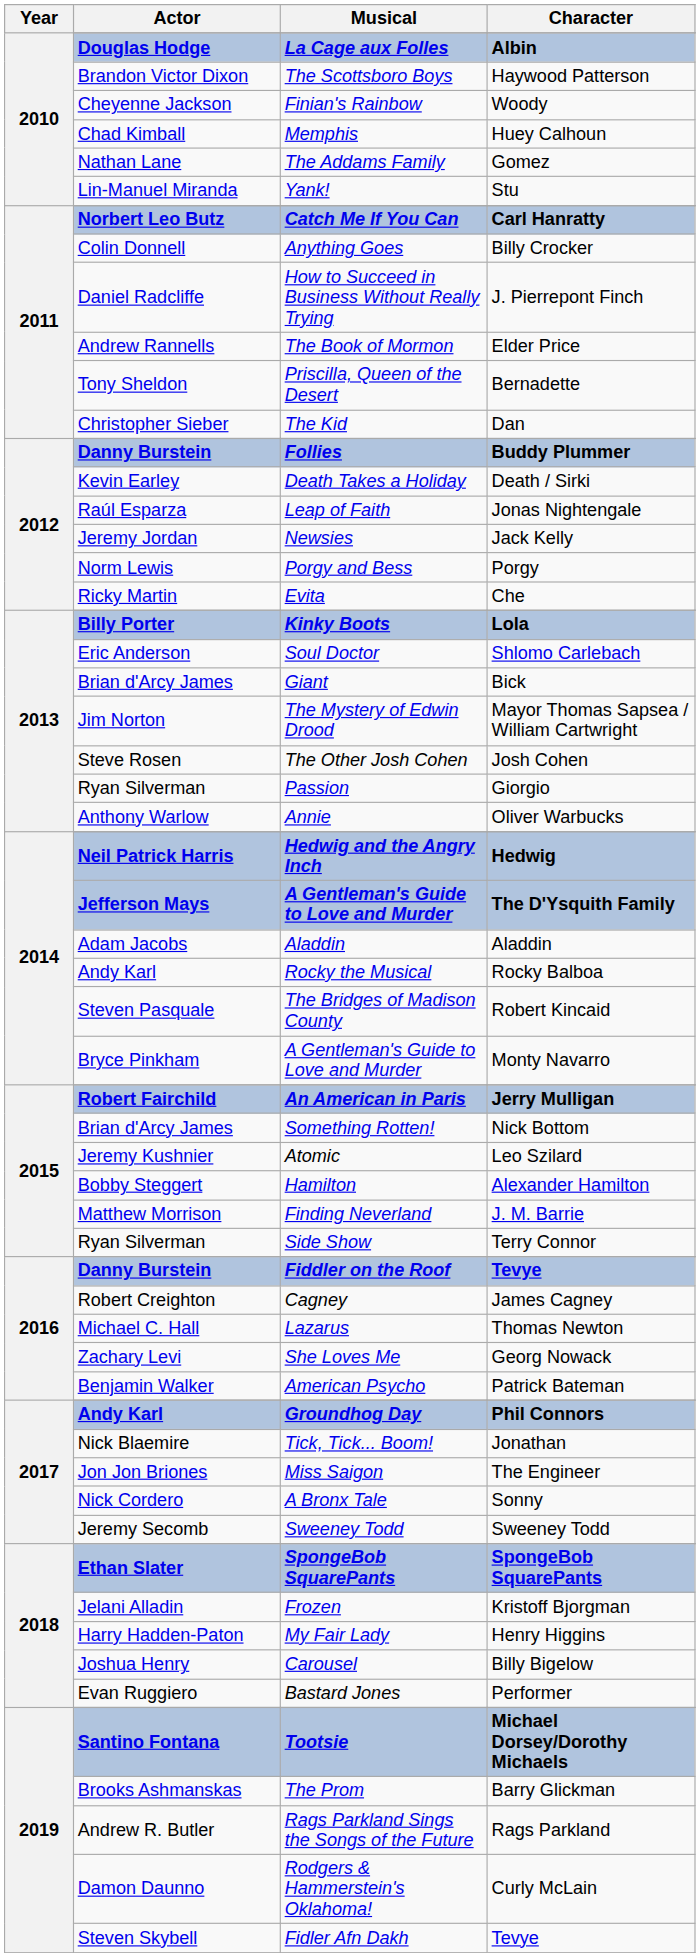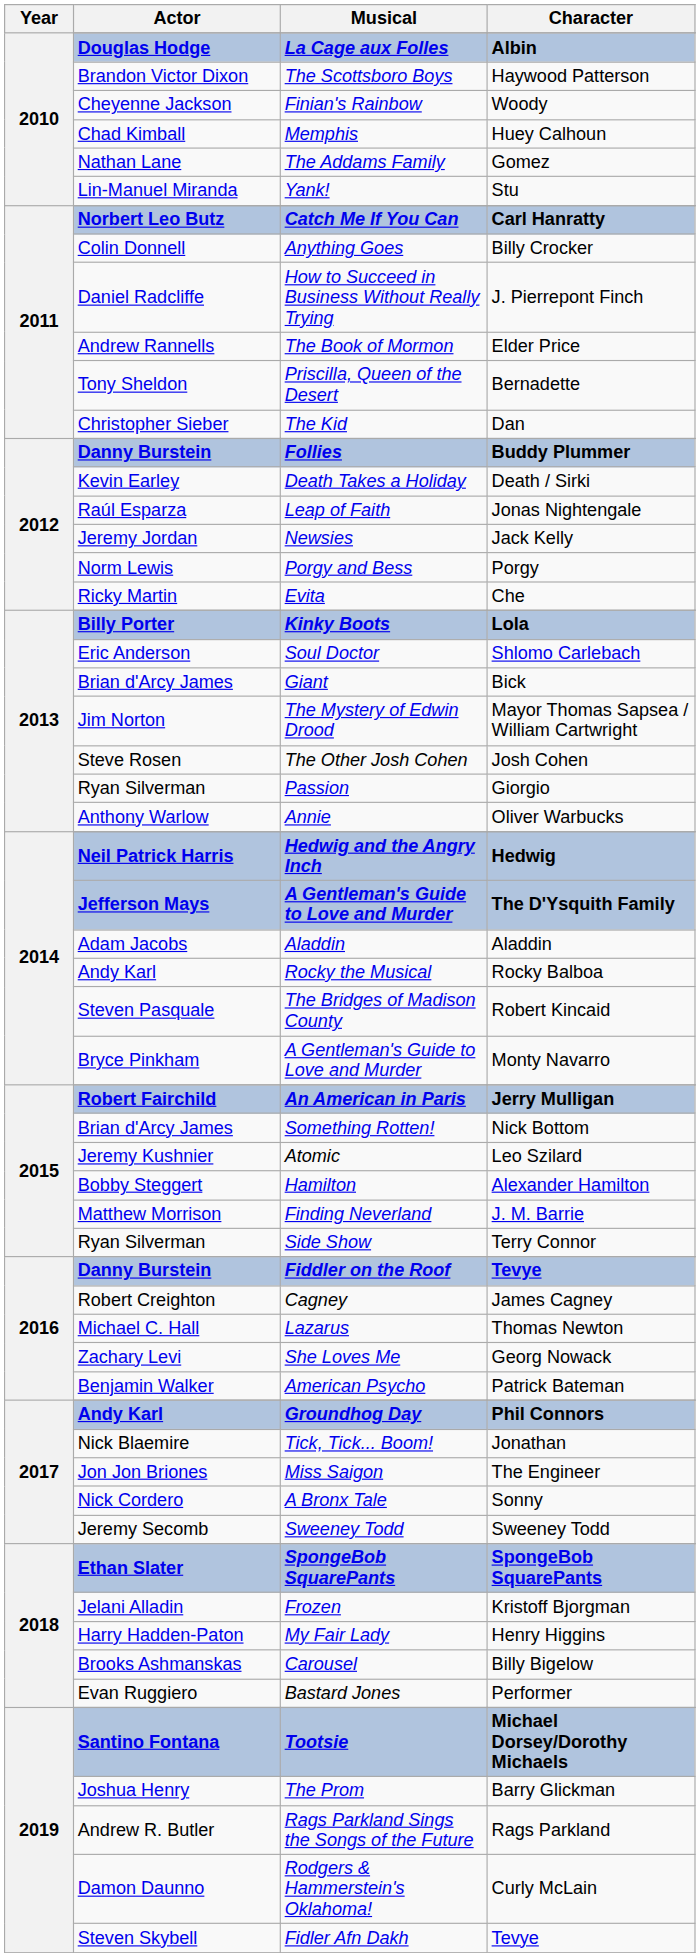 <table class="wikitable" style="width:98%;">
 <tr style="background:#bebebe;">
 <th style="width:10%;">Year</th>
 <th style="width:30%;">Actor</th>
 <th style="width:30%;">Musical</th>
 <th style="width:30%;">Character</th>
 </tr>
 <tr>
 <th rowspan="7">2010</th>
 </tr>
 <tr style="background:#B0C4DE">
 <td><strong><a href='#'>Douglas Hodge</a></strong></td>
 <td><strong><em><a href='#'>La Cage aux Folles</a></em></strong></td>
 <td><strong>Albin </strong></td>
 </tr>
 <tr>
 <td><a href='#'>Brandon Victor Dixon</a></td>
 <td><em><a href='#'>The Scottsboro Boys</a></em></td>
 <td>Haywood Patterson</td>
 </tr>
 <tr>
 <td><a href='#'>Cheyenne Jackson</a></td>
 <td><em><a href='#'>Finian's Rainbow</a></em></td>
 <td>Woody</td>
 </tr>
 <tr>
 <td><a href='#'>Chad Kimball</a></td>
 <td><em><a href='#'>Memphis</a></em></td>
 <td>Huey Calhoun</td>
 </tr>
 <tr>
 <td><a href='#'>Nathan Lane</a></td>
 <td><em><a href='#'>The Addams Family</a></em></td>
 <td>Gomez</td>
 </tr>
 <tr>
 <td><a href='#'>Lin-Manuel Miranda</a></td>
 <td><em><a href='#'>Yank!</a></em></td>
 <td>Stu</td>
 </tr>
 <tr>
 <th rowspan="7">2011</th>
 </tr>
 <tr style="background:#B0C4DE">
 <td><strong><a href='#'>Norbert Leo Butz</a></strong></td>
 <td><strong><em><a href='#'>Catch Me If You Can</a></em></strong></td>
 <td><strong>Carl Hanratty </strong></td>
 </tr>
 <tr>
 <td><a href='#'>Colin Donnell</a></td>
 <td><em><a href='#'>Anything Goes</a></em></td>
 <td>Billy Crocker</td>
 </tr>
 <tr>
 <td><a href='#'>Daniel Radcliffe</a></td>
 <td><em><a href='#'>How to Succeed in Business Without Really Trying</a></em></td>
 <td>J. Pierrepont Finch</td>
 </tr>
 <tr>
 <td><a href='#'>Andrew Rannells</a></td>
 <td><em><a href='#'>The Book of Mormon</a></em></td>
 <td>Elder Price</td>
 </tr>
 <tr>
 <td><a href='#'>Tony Sheldon</a></td>
 <td><em><a href='#'>Priscilla, Queen of the Desert</a></em></td>
 <td>Bernadette</td>
 </tr>
 <tr>
 <td><a href='#'>Christopher Sieber</a></td>
 <td><em><a href='#'>The Kid</a></em></td>
 <td>Dan</td>
 </tr>
 <tr>
 <th rowspan="7">2012</th>
 </tr>
 <tr style="background:#B0C4DE">
 <td><strong><a href='#'>Danny Burstein</a></strong></td>
 <td><strong><em><a href='#'>Follies</a></em></strong></td>
 <td><strong>Buddy Plummer </strong></td>
 </tr>
 <tr>
 <td><a href='#'>Kevin Earley</a></td>
 <td><em><a href='#'>Death Takes a Holiday</a></em></td>
 <td>Death / Sirki</td>
 </tr>
 <tr>
 <td><a href='#'>Raúl Esparza</a></td>
 <td><em><a href='#'>Leap of Faith</a></em></td>
 <td>Jonas Nightengale</td>
 </tr>
 <tr>
 <td><a href='#'>Jeremy Jordan</a></td>
 <td><em><a href='#'>Newsies</a></em></td>
 <td>Jack Kelly</td>
 </tr>
 <tr>
 <td><a href='#'>Norm Lewis</a></td>
 <td><em><a href='#'>Porgy and Bess</a></em></td>
 <td>Porgy</td>
 </tr>
 <tr>
 <td><a href='#'>Ricky Martin</a></td>
 <td><em><a href='#'>Evita</a></em></td>
 <td>Che</td>
 </tr>
 <tr>
 <th rowspan="8">2013</th>
 </tr>
 <tr style="background:#B0C4DE">
 <td><strong><a href='#'>Billy Porter</a></strong></td>
 <td><strong><em><a href='#'>Kinky Boots</a></em></strong></td>
 <td><strong>Lola </strong></td>
 </tr>
 <tr>
 <td><a href='#'>Eric Anderson</a></td>
 <td><em><a href='#'>Soul Doctor</a></em></td>
 <td><a href='#'>Shlomo Carlebach</a></td>
 </tr>
 <tr>
 <td><a href='#'>Brian d'Arcy James</a></td>
 <td><em><a href='#'>Giant</a></em></td>
 <td>Bick</td>
 </tr>
 <tr>
 <td><a href='#'>Jim Norton</a></td>
 <td><em><a href='#'>The Mystery of Edwin Drood</a></em></td>
 <td>Mayor Thomas Sapsea / William Cartwright</td>
 </tr>
 <tr>
 <td>Steve Rosen</td>
 <td><em>The Other Josh Cohen</em></td>
 <td>Josh Cohen</td>
 </tr>
 <tr>
 <td>Ryan Silverman</td>
 <td><em><a href='#'>Passion</a></em></td>
 <td>Giorgio</td>
 </tr>
 <tr>
 <td><a href='#'>Anthony Warlow</a></td>
 <td><em><a href='#'>Annie</a></em></td>
 <td>Oliver Warbucks</td>
 </tr>
 <tr>
 <th rowspan="7">2014</th>
 </tr>
 <tr style="background:#B0C4DE;">
 <td><strong><a href='#'>Neil Patrick Harris</a></strong></td>
 <td><strong><em><a href='#'>Hedwig and the Angry Inch</a></em></strong></td>
 <td><strong>Hedwig </strong></td>
 </tr>
 <tr style="background:#B0C4DE;">
 <td><strong><a href='#'>Jefferson Mays</a></strong></td>
 <td><strong><em><a href='#'>A Gentleman's Guide to Love and Murder</a></em></strong></td>
 <td><strong>The D'Ysquith Family </strong></td>
 </tr>
 <tr>
 <td><a href='#'>Adam Jacobs</a></td>
 <td><em><a href='#'>Aladdin</a></em></td>
 <td>Aladdin</td>
 </tr>
 <tr>
 <td><a href='#'>Andy Karl</a></td>
 <td><em><a href='#'>Rocky the Musical</a></em></td>
 <td>Rocky Balboa</td>
 </tr>
 <tr>
 <td><a href='#'>Steven Pasquale</a></td>
 <td><em><a href='#'>The Bridges of Madison County</a></em></td>
 <td>Robert Kincaid</td>
 </tr>
 <tr>
 <td><a href='#'>Bryce Pinkham</a></td>
 <td><em><a href='#'>A Gentleman's Guide to Love and Murder</a></em></td>
 <td>Monty Navarro</td>
 </tr>
 <tr>
 <th rowspan="7">2015</th>
 </tr>
 <tr style="background:#B0C4DE;">
 <td><strong><a href='#'>Robert Fairchild</a></strong></td>
 <td><strong><em><a href='#'>An American in Paris</a></em></strong></td>
 <td><strong>Jerry Mulligan </strong></td>
 </tr>
 <tr>
 <td><a href='#'>Brian d'Arcy James</a></td>
 <td><em><a href='#'>Something Rotten!</a></em></td>
 <td>Nick Bottom</td>
 </tr>
 <tr>
 <td><a href='#'>Jeremy Kushnier</a></td>
 <td><em>Atomic</em></td>
 <td>Leo Szilard</td>
 </tr>
 <tr>
 <td><a href='#'>Bobby Steggert</a></td>
 <td><em><a href='#'>Hamilton</a></em></td>
 <td><a href='#'>Alexander Hamilton</a></td>
 </tr>
 <tr>
 <td><a href='#'>Matthew Morrison</a></td>
 <td><em><a href='#'>Finding Neverland</a></em></td>
 <td><a href='#'>J. M. Barrie</a></td>
 </tr>
 <tr>
 <td>Ryan Silverman</td>
 <td><em><a href='#'>Side Show</a></em></td>
 <td>Terry Connor</td>
 </tr>
 <tr>
 <th rowspan="6">2016</th>
 </tr>
 <tr style="background:#B0C4DE;">
 <td><strong><a href='#'>Danny Burstein</a></strong></td>
 <td><strong><em><a href='#'>Fiddler on the Roof</a></em></strong></td>
 <td><strong><a href='#'>Tevye</a></strong></td>
 </tr>
 <tr>
 <td>Robert Creighton</td>
 <td><em>Cagney</em></td>
 <td>James Cagney</td>
 </tr>
 <tr>
 <td><a href='#'>Michael C. Hall</a></td>
 <td><em><a href='#'>Lazarus</a></em></td>
 <td>Thomas Newton</td>
 </tr>
 <tr>
 <td><a href='#'>Zachary Levi</a></td>
 <td><em><a href='#'>She Loves Me</a></em></td>
 <td>Georg Nowack</td>
 </tr>
 <tr>
 <td><a href='#'>Benjamin Walker</a></td>
 <td><em><a href='#'>American Psycho</a></em></td>
 <td>Patrick Bateman</td>
 </tr>
 <tr>
 <th rowspan="6">2017</th>
 </tr>
 <tr style="background:#B0C4DE;">
 <td><strong><a href='#'>Andy Karl</a></strong></td>
 <td><strong><a href='#'><em>Groundhog Day</em></a></strong></td>
 <td><strong>Phil Connors</strong></td>
 </tr>
 <tr>
 <td>Nick Blaemire</td>
 <td><em><a href='#'>Tick, Tick... Boom!</a></em></td>
 <td>Jonathan</td>
 </tr>
 <tr>
 <td><a href='#'>Jon Jon Briones</a></td>
 <td><em><a href='#'>Miss Saigon</a></em></td>
 <td>The Engineer</td>
 </tr>
 <tr>
 <td><a href='#'>Nick Cordero</a></td>
 <td><a href='#'><em>A Bronx Tale</em></a></td>
 <td>Sonny</td>
 </tr>
 <tr>
 <td>Jeremy Secomb</td>
 <td><a href='#'><em>Sweeney Todd</em></a></td>
 <td>Sweeney Todd</td>
 </tr>
 <tr>
 <th rowspan="6">2018</th>
 </tr>
 <tr style="background:#B0C4DE;">
 <td><strong><a href='#'>Ethan Slater</a></strong></td>
 <td><strong><em><a href='#'>SpongeBob SquarePants</a></em></strong></td>
 <td><strong><a href='#'>SpongeBob SquarePants</a></strong></td>
 </tr>
 <tr>
 <td><a href='#'>Jelani Alladin</a></td>
 <td><em><a href='#'>Frozen</a></em></td>
 <td>Kristoff Bjorgman</td>
 </tr>
 <tr>
 <td><a href='#'>Harry Hadden-Paton</a></td>
 <td><em><a href='#'>My Fair Lady</a></em></td>
 <td>Henry Higgins</td>
 </tr>
 <tr>
-<td><a href='#'>Joshua Henry</a></td>
+<td><a href='#'>Brooks Ashmanskas</a></td>
 <td><em><a href='#'>Carousel</a></em></td>
 <td>Billy Bigelow</td>
 </tr>
 <tr>
 <td>Evan Ruggiero</td>
 <td><em>Bastard Jones</em></td>
 <td>Performer</td>
 </tr>
 <tr>
 <th rowspan="6">2019</th>
 </tr>
 <tr style="background:#B0C4DE;">
 <td><strong><a href='#'>Santino Fontana</a></strong></td>
 <td><strong><em><a href='#'>Tootsie</a></em></strong></td>
 <td><strong>Michael Dorsey/Dorothy Michaels</strong></td>
 </tr>
 <tr>
-<td><a href='#'>Brooks Ashmanskas</a></td>
+<td><a href='#'>Joshua Henry</a></td>
 <td><em><a href='#'>The Prom</a></em></td>
 <td>Barry Glickman</td>
 </tr>
 <tr>
 <td>Andrew R. Butler</td>
 <td><em><a href='#'>Rags Parkland Sings the Songs of the Future</a></em></td>
 <td>Rags Parkland</td>
 </tr>
 <tr>
 <td><a href='#'>Damon Daunno</a></td>
 <td><em><a href='#'>Rodgers & Hammerstein's Oklahoma!</a></em></td>
 <td>Curly McLain</td>
 </tr>
 <tr>
 <td><a href='#'>Steven Skybell</a></td>
 <td><em><a href='#'>Fidler Afn Dakh</a></em></td>
 <td><a href='#'>Tevye</a></td>
 </tr>
 </table>
